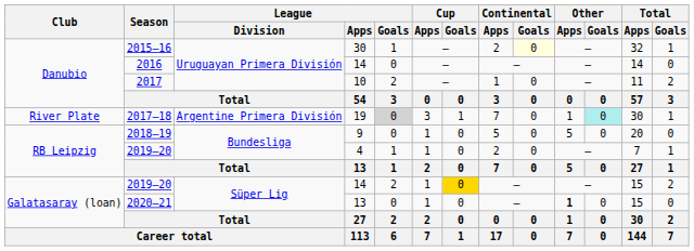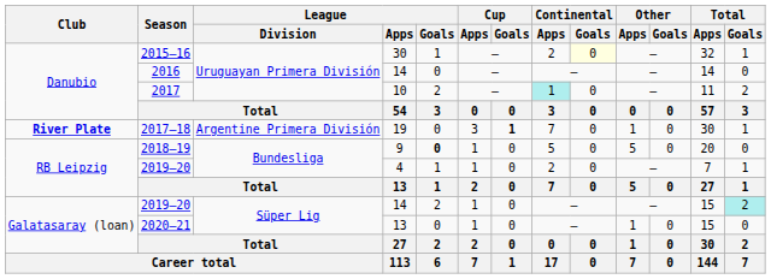 <table class="wikitable" style="text-align: center;">
 <tr>
 <th rowspan="2">Club</th>
 <th rowspan="2">Season</th>
 <th colspan="3">League</th>
 <th colspan="2">Cup</th>
 <th colspan="2">Continental</th>
 <th colspan="2">Other</th>
 <th colspan="2">Total</th>
 </tr>
 <tr>
 <th>Division</th>
 <th>Apps</th>
 <th>Goals</th>
 <th>Apps</th>
 <th>Goals</th>
 <th>Apps</th>
 <th>Goals</th>
 <th>Apps</th>
 <th>Goals</th>
 <th>Apps</th>
 <th>Goals</th>
 </tr>
 <tr>
 <td rowspan="4"><a href='#'>Danubio</a></td>
 <td><a href='#'>2015–16</a></td>
 <td rowspan="3"><a href='#'>Uruguayan Primera División</a></td>
 <td>30</td>
 <td>1</td>
 <td colspan="2">—</td>
 <td>2</td>
 <td style="background: lightyellow;">0</td>
 <td colspan="2">—</td>
 <td>32</td>
 <td>1</td>
 </tr>
 <tr>
 <td><a href='#'>2016</a></td>
 <td>14</td>
 <td>0</td>
 <td colspan="2">—</td>
 <td colspan="2">—</td>
 <td colspan="2">—</td>
 <td>14</td>
 <td>0</td>
 </tr>
 <tr>
 <td><a href='#'>2017</a></td>
 <td>10</td>
 <td>2</td>
 <td colspan="2">—</td>
-<td>1</td>
+<td style="background: paleturquoise;">1</td>
 <td>0</td>
 <td colspan="2">—</td>
 <td>11</td>
 <td>2</td>
 </tr>
 <tr>
 <th colspan="2">Total</th>
 <th>54</th>
 <th>3</th>
 <th>0</th>
 <th>0</th>
 <th>3</th>
 <th>0</th>
 <th>0</th>
 <th>0</th>
 <th>57</th>
 <th>3</th>
 </tr>
 <tr>
-<td><a href='#'>River Plate</a></td>
+<td><strong><a href='#'>River Plate</a></strong></td>
 <td><a href='#'>2017–18</a></td>
 <td rowspan="1"><a href='#'>Argentine Primera División</a></td>
 <td>19</td>
-<td style="background: lightgrey;">0</td>
+<td>0</td>
 <td>3</td>
-<td>1</td>
+<td><strong>1</strong></td>
 <td>7</td>
 <td>0</td>
 <td>1</td>
-<td style="background: paleturquoise;">0</td>
+<td>0</td>
 <td>30</td>
 <td>1</td>
 </tr>
 <tr>
 <td rowspan="3"><a href='#'>RB Leipzig</a></td>
 <td><a href='#'>2018–19</a></td>
 <td rowspan="2"><a href='#'>Bundesliga</a></td>
 <td>9</td>
-<td>0</td>
+<td><strong>0</strong></td>
 <td>1</td>
 <td>0</td>
 <td>5</td>
 <td>0</td>
 <td>5</td>
 <td>0</td>
 <td>20</td>
 <td>0</td>
 </tr>
 <tr>
 <td><a href='#'>2019–20</a></td>
 <td>4</td>
 <td>1</td>
 <td>1</td>
 <td>0</td>
 <td>2</td>
 <td>0</td>
 <td colspan="2">—</td>
 <td>7</td>
 <td>1</td>
 </tr>
 <tr>
 <th colspan="2">Total</th>
 <th>13</th>
 <th>1</th>
 <th>2</th>
 <th>0</th>
 <th>7</th>
 <th>0</th>
 <th>5</th>
 <th>0</th>
 <th>27</th>
 <th>1</th>
 </tr>
 <tr>
 <td rowspan="3"><a href='#'>Galatasaray</a> (loan)</td>
 <td><a href='#'>2019–20</a></td>
 <td rowspan="2"><a href='#'>Süper Lig</a></td>
 <td>14</td>
 <td>2</td>
 <td>1</td>
-<td style="background: gold;">0</td>
+<td>0</td>
 <td colspan="2">—</td>
 <td colspan="2">—</td>
 <td>15</td>
-<td>2</td>
+<td style="background: paleturquoise;">2</td>
 </tr>
 <tr>
 <td><a href='#'>2020–21</a></td>
 <td>13</td>
 <td>0</td>
 <td>1</td>
 <td>0</td>
 <td colspan="2">—</td>
-<td><strong>1</strong></td>
+<td>1</td>
 <td>0</td>
 <td>15</td>
 <td>0</td>
 </tr>
 <tr>
 <th colspan="2">Total</th>
 <th>27</th>
 <th>2</th>
 <th>2</th>
 <th>0</th>
 <th>0</th>
 <th>0</th>
 <th>1</th>
 <th>0</th>
 <th>30</th>
 <th>2</th>
 </tr>
 <tr>
 <th colspan="3">Career total</th>
 <th>113</th>
 <th>6</th>
 <th>7</th>
 <th>1</th>
 <th>17</th>
 <th>0</th>
 <th>7</th>
 <th>0</th>
 <th>144</th>
 <th>7</th>
 </tr>
 </table>
